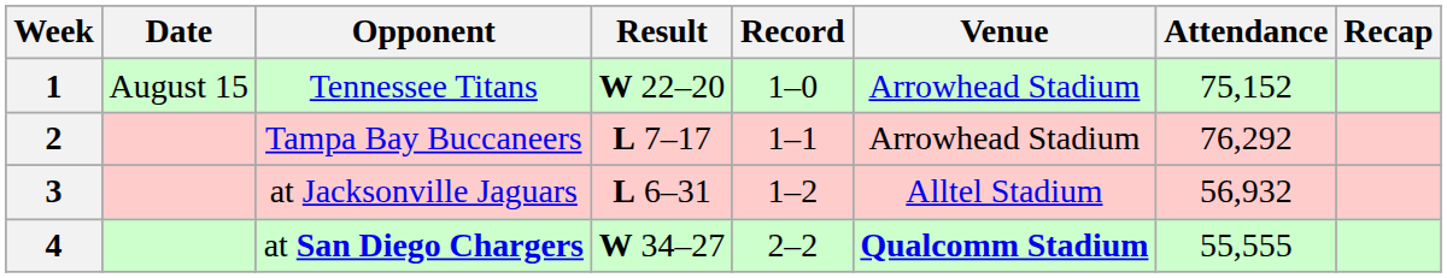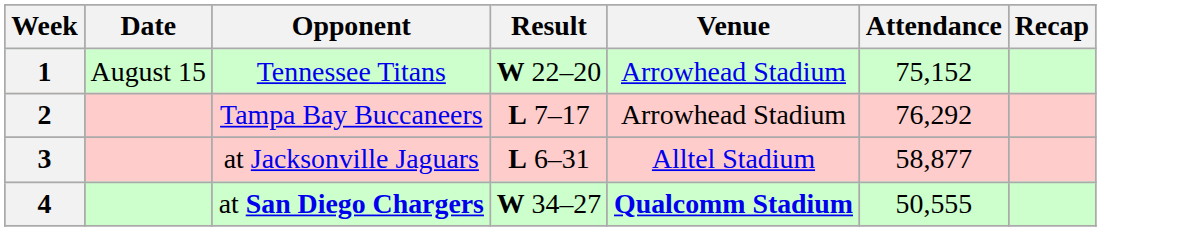 <table class="wikitable" style="text-align:center">
 <tr>
 <th>Week</th>
 <th>Date</th>
 <th>Opponent</th>
 <th>Result</th>
-<th>Record</th>
 <th>Venue</th>
 <th>Attendance</th>
 <th>Recap</th>
 </tr>
 <tr style="background:#cfc">
 <th>1</th>
 <td>August 15</td>
 <td><a href='#'>Tennessee Titans</a></td>
 <td><strong>W</strong> 22–20</td>
-<td>1–0</td>
 <td><a href='#'>Arrowhead Stadium</a></td>
 <td>75,152</td>
 <td></td>
 </tr>
 <tr style="background:#fcc">
 <th>2</th>
 <td></td>
 <td><a href='#'>Tampa Bay Buccaneers</a></td>
 <td><strong>L</strong> 7–17</td>
-<td>1–1</td>
 <td>Arrowhead Stadium</td>
 <td>76,292</td>
 <td></td>
 </tr>
 <tr style="background:#fcc">
 <th>3</th>
 <td></td>
 <td>at <a href='#'>Jacksonville Jaguars</a></td>
 <td><strong>L</strong> 6–31</td>
-<td>1–2</td>
 <td><a href='#'>Alltel Stadium</a></td>
-<td>56,932</td>
+<td>58,877</td>
 <td></td>
 </tr>
 <tr style="background:#cfc">
 <th>4</th>
 <td></td>
 <td>at <strong><a href='#'>San Diego Chargers</a></strong></td>
 <td><strong>W</strong> 34–27</td>
-<td>2–2</td>
 <td><strong><a href='#'>Qualcomm Stadium</a></strong></td>
-<td>55,555</td>
+<td>50,555</td>
 <td></td>
 </tr>
 </table>
